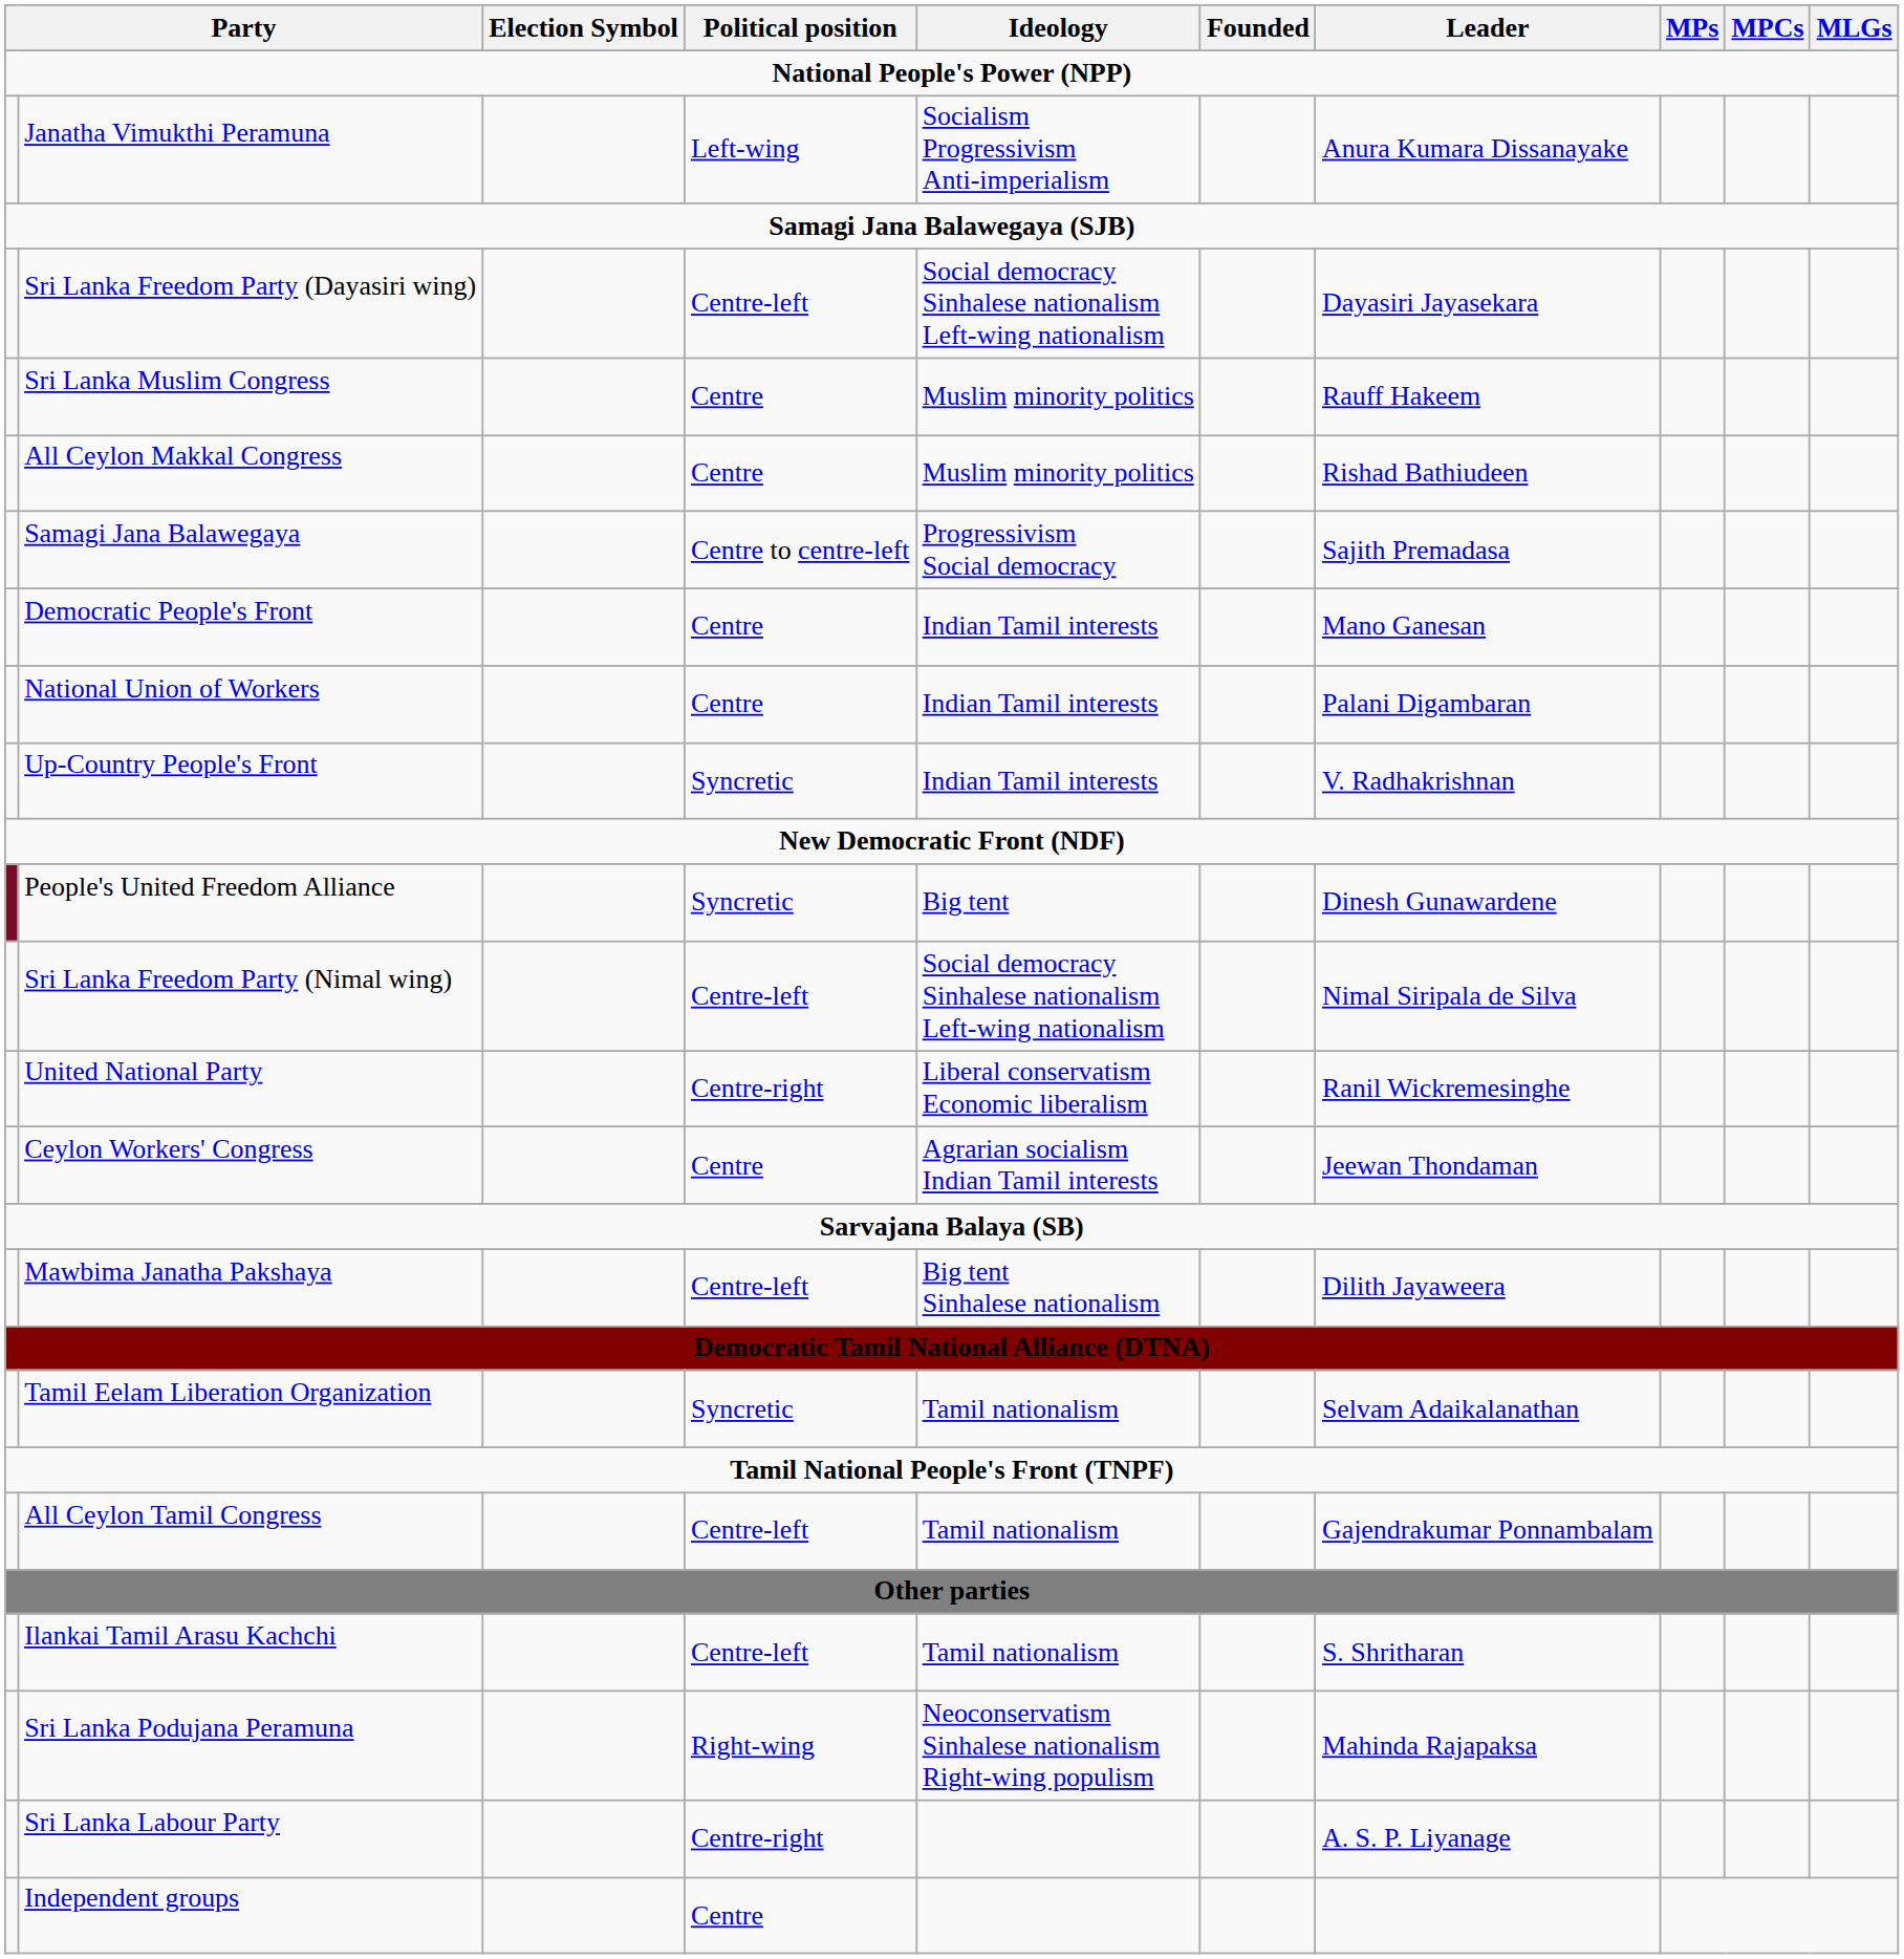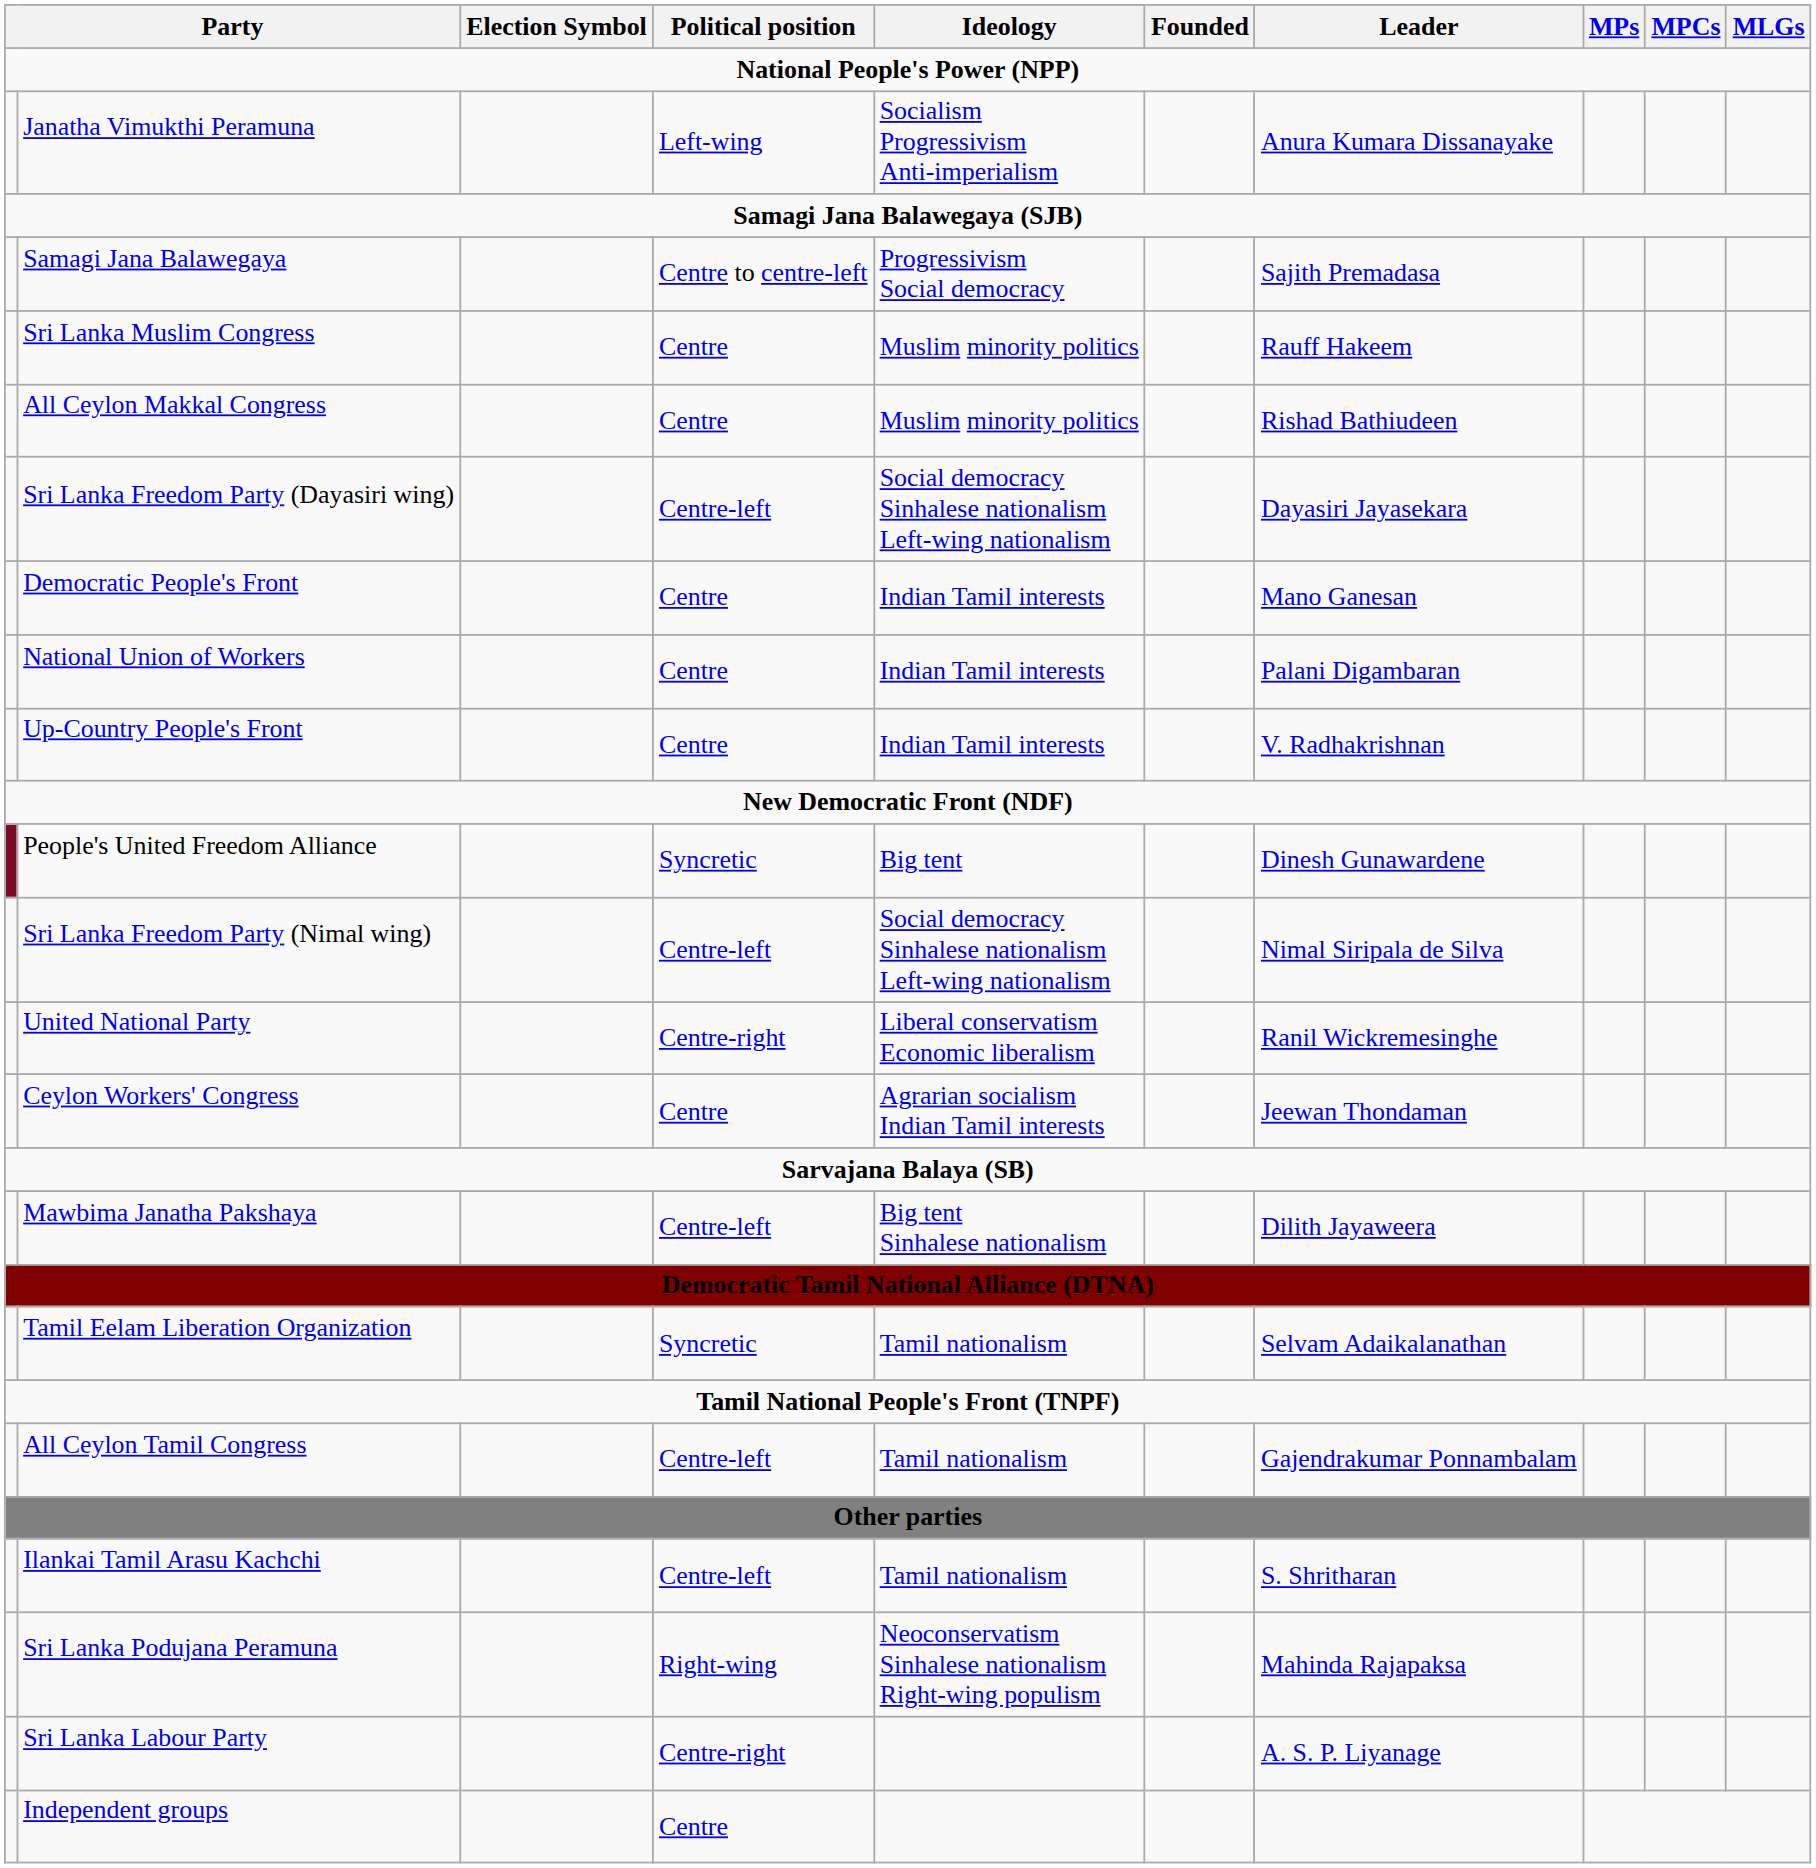 <table class="wikitable sortable" style="font-size: 90%;">
 <tr>
 <th align="left" colspan="2">Party</th>
 <th>Election Symbol</th>
 <th>Political position</th>
 <th>Ideology</th>
 <th>Founded</th>
 <th>Leader</th>
 <th><a href='#'>MPs</a></th>
 <th><a href='#'>MPCs</a></th>
 <th><a href='#'>MLGs</a></th>
 </tr>
 <tr>
 <td colspan="10" align="center" bgcolor=><span> <strong>National People's Power (NPP)</strong></span></td>
 </tr>
 <tr>
 <td bgcolor=></td>
 <td><a href='#'>Janatha Vimukthi Peramuna</a><br><br></td>
 <td></td>
 <td><a href='#'>Left-wing</a></td>
 <td><a href='#'>Socialism</a><br><a href='#'>Progressivism</a><br><a href='#'>Anti-imperialism</a></td>
 <td></td>
 <td><a href='#'>Anura Kumara Dissanayake</a></td>
 <td></td>
 <td></td>
 <td></td>
 </tr>
 <tr>
 <td colspan="10" align="center" bgcolor=><span> <strong>Samagi Jana Balawegaya (SJB)</strong></span></td>
 </tr>
 <tr>
 <td bgcolor=></td>
-<td><a href='#'>Sri Lanka Freedom Party</a> (Dayasiri wing)<br><br></td>
+<td><a href='#'>Samagi Jana Balawegaya</a><br><br></td>
 <td></td>
-<td><a href='#'>Centre-left</a></td>
-<td><a href='#'>Social democracy</a><br><a href='#'>Sinhalese nationalism</a><br><a href='#'>Left-wing nationalism</a></td>
+<td><a href='#'>Centre</a> to <a href='#'>centre-left</a></td>
+<td><a href='#'>Progressivism</a><br><a href='#'>Social democracy</a></td>
 <td></td>
-<td><a href='#'>Dayasiri Jayasekara</a></td>
+<td><a href='#'>Sajith Premadasa</a></td>
 <td></td>
 <td></td>
 <td></td>
 </tr>
 <tr>
 <td bgcolor=></td>
 <td><a href='#'>Sri Lanka Muslim Congress</a><br> <br></td>
 <td></td>
 <td><a href='#'>Centre</a></td>
 <td><a href='#'>Muslim</a> <a href='#'>minority politics</a></td>
 <td></td>
 <td><a href='#'>Rauff Hakeem</a></td>
 <td></td>
 <td></td>
 <td></td>
 </tr>
 <tr>
 <td bgcolor=></td>
 <td><a href='#'>All Ceylon Makkal Congress</a><br><br></td>
 <td></td>
 <td><a href='#'>Centre</a></td>
 <td><a href='#'>Muslim</a> <a href='#'>minority politics</a></td>
 <td></td>
 <td><a href='#'>Rishad Bathiudeen</a></td>
 <td></td>
 <td></td>
 <td></td>
 </tr>
 <tr>
 <td bgcolor=></td>
-<td><a href='#'>Samagi Jana Balawegaya</a><br><br></td>
+<td><a href='#'>Sri Lanka Freedom Party</a> (Dayasiri wing)<br><br></td>
 <td></td>
-<td><a href='#'>Centre</a> to <a href='#'>centre-left</a></td>
-<td><a href='#'>Progressivism</a><br><a href='#'>Social democracy</a></td>
+<td><a href='#'>Centre-left</a></td>
+<td><a href='#'>Social democracy</a><br><a href='#'>Sinhalese nationalism</a><br><a href='#'>Left-wing nationalism</a></td>
 <td></td>
-<td><a href='#'>Sajith Premadasa</a></td>
+<td><a href='#'>Dayasiri Jayasekara</a></td>
 <td></td>
 <td></td>
 <td></td>
 </tr>
 <tr>
 <td bgcolor=></td>
 <td><a href='#'>Democratic People's Front</a><br><br></td>
 <td></td>
 <td><a href='#'>Centre</a></td>
 <td><a href='#'>Indian Tamil interests</a></td>
 <td></td>
 <td><a href='#'>Mano Ganesan</a></td>
 <td></td>
 <td></td>
 <td></td>
 </tr>
 <tr>
 <td bgcolor=></td>
 <td><a href='#'>National Union of Workers</a><br><br></td>
 <td></td>
 <td><a href='#'>Centre</a></td>
 <td><a href='#'>Indian Tamil interests</a></td>
 <td></td>
 <td><a href='#'>Palani Digambaran</a></td>
 <td></td>
 <td></td>
 <td></td>
 </tr>
 <tr>
 <td bgcolor=></td>
 <td><a href='#'>Up-Country People's Front</a><br><br></td>
 <td></td>
-<td><a href='#'>Syncretic</a></td>
+<td><a href='#'>Centre</a></td>
 <td><a href='#'>Indian Tamil interests</a></td>
 <td></td>
 <td><a href='#'>V. Radhakrishnan</a></td>
 <td></td>
 <td></td>
 <td></td>
 </tr>
 <tr>
 <td colspan="10" align="center" bgcolor=><span> <strong>New Democratic Front (NDF)</strong></span></td>
 </tr>
 <tr>
 <td style="background:#7b0a24"></td>
 <td>People's United Freedom Alliance<br>  <br></td>
 <td></td>
 <td><a href='#'>Syncretic</a></td>
 <td><a href='#'>Big tent</a></td>
 <td></td>
 <td><a href='#'>Dinesh Gunawardene</a></td>
 <td></td>
 <td></td>
 <td></td>
 </tr>
 <tr>
 <td bgcolor=></td>
 <td><a href='#'>Sri Lanka Freedom Party</a> (Nimal wing)<br><br></td>
 <td></td>
 <td><a href='#'>Centre-left</a></td>
 <td><a href='#'>Social democracy</a><br><a href='#'>Sinhalese nationalism</a><br><a href='#'>Left-wing nationalism</a></td>
 <td></td>
 <td><a href='#'>Nimal Siripala de Silva</a></td>
 <td></td>
 <td></td>
 <td></td>
 </tr>
 <tr>
 <td bgcolor=></td>
 <td><a href='#'>United National Party</a><br>  <br></td>
 <td></td>
 <td><a href='#'>Centre-right</a></td>
 <td><a href='#'>Liberal conservatism</a><br><a href='#'>Economic liberalism</a></td>
 <td></td>
 <td><a href='#'>Ranil Wickremesinghe</a></td>
 <td></td>
 <td></td>
 <td></td>
 </tr>
 <tr>
 <td></td>
 <td><a href='#'>Ceylon Workers' Congress</a><br><br></td>
 <td></td>
 <td><a href='#'>Centre</a></td>
 <td><a href='#'>Agrarian socialism</a><br><a href='#'>Indian Tamil interests</a></td>
 <td></td>
 <td><a href='#'>Jeewan Thondaman</a></td>
 <td></td>
 <td></td>
 <td></td>
 </tr>
 <tr>
 <td colspan="10" align="center" bgcolor=><span><strong>	Sarvajana Balaya (SB)</strong></span></td>
 </tr>
 <tr>
 <td></td>
 <td><a href='#'>Mawbima Janatha Pakshaya</a><br><br></td>
 <td></td>
 <td><a href='#'>Centre-left</a></td>
 <td><a href='#'>Big tent</a><br><a href='#'>Sinhalese nationalism</a></td>
 <td align="left"></td>
 <td><a href='#'>Dilith Jayaweera</a></td>
 <td></td>
 <td></td>
 <td></td>
 </tr>
 <tr>
 <td colspan="10" align="center" bgcolor="maroon"><span> <strong>Democratic Tamil National Alliance (DTNA)</strong></span></td>
 </tr>
 <tr>
 <td bgcolor=></td>
 <td><a href='#'>Tamil Eelam Liberation Organization</a><br><br></td>
 <td></td>
 <td><a href='#'>Syncretic</a></td>
 <td><a href='#'>Tamil nationalism</a></td>
 <td></td>
 <td><a href='#'>Selvam Adaikalanathan</a></td>
 <td></td>
 <td></td>
 <td></td>
 </tr>
 <tr>
 <td colspan="10" align="center" bgcolor=><span> <strong>Tamil National People's Front (TNPF)</strong></span></td>
 </tr>
 <tr>
 <td bgcolor=></td>
 <td><a href='#'>All Ceylon Tamil Congress</a><br><br></td>
 <td></td>
 <td><a href='#'>Centre-left</a></td>
 <td><a href='#'>Tamil nationalism</a></td>
 <td></td>
 <td><a href='#'>Gajendrakumar Ponnambalam</a></td>
 <td></td>
 <td></td>
 <td></td>
 </tr>
 <tr>
 <td colspan="10" align="center" bgcolor="grey"><span> <strong>Other parties</strong></span></td>
 </tr>
 <tr>
 <td bgcolor=></td>
 <td><a href='#'>Ilankai Tamil Arasu Kachchi</a><br><br></td>
 <td></td>
 <td><a href='#'>Centre-left</a></td>
 <td><a href='#'>Tamil nationalism</a></td>
 <td></td>
 <td><a href='#'>S. Shritharan</a></td>
 <td></td>
 <td></td>
 <td></td>
 </tr>
 <tr>
 <td bgcolor=></td>
 <td><a href='#'>Sri Lanka Podujana Peramuna</a><br><br></td>
 <td></td>
 <td><a href='#'>Right-wing</a></td>
 <td><a href='#'>Neoconservatism</a><br><a href='#'>Sinhalese nationalism</a><br><a href='#'>Right-wing populism</a></td>
 <td></td>
 <td><a href='#'>Mahinda Rajapaksa</a></td>
 <td></td>
 <td></td>
 <td></td>
 </tr>
 <tr>
 <td bgcolor=></td>
 <td><a href='#'>Sri Lanka Labour Party</a><br><br></td>
 <td></td>
 <td><a href='#'>Centre-right</a></td>
 <td></td>
 <td></td>
 <td><a href='#'>A. S. P. Liyanage</a></td>
 <td></td>
 <td></td>
 <td></td>
 </tr>
 <tr>
 <td bgcolor=></td>
 <td><a href='#'>Independent groups</a><br><br></td>
 <td></td>
 <td><a href='#'>Centre</a></td>
 <td></td>
 <td></td>
 <td></td>
 </tr>
 </table>
